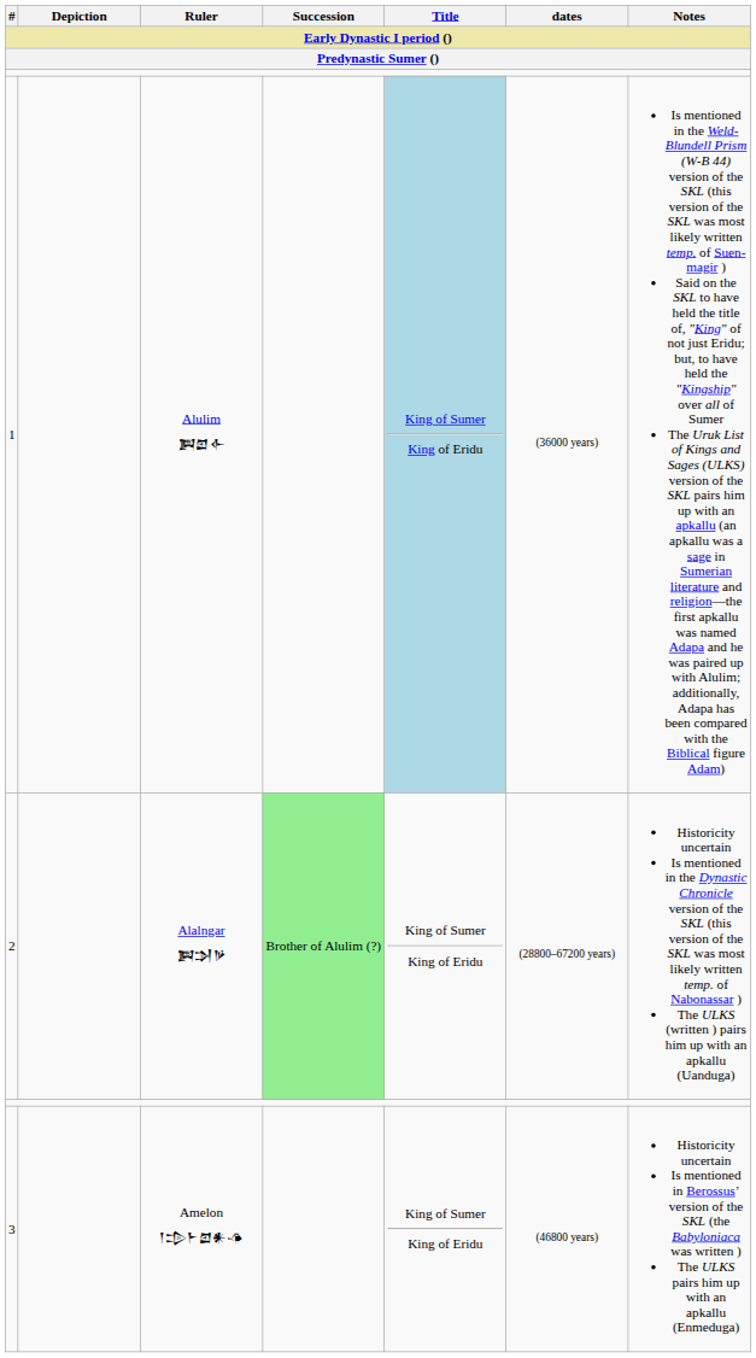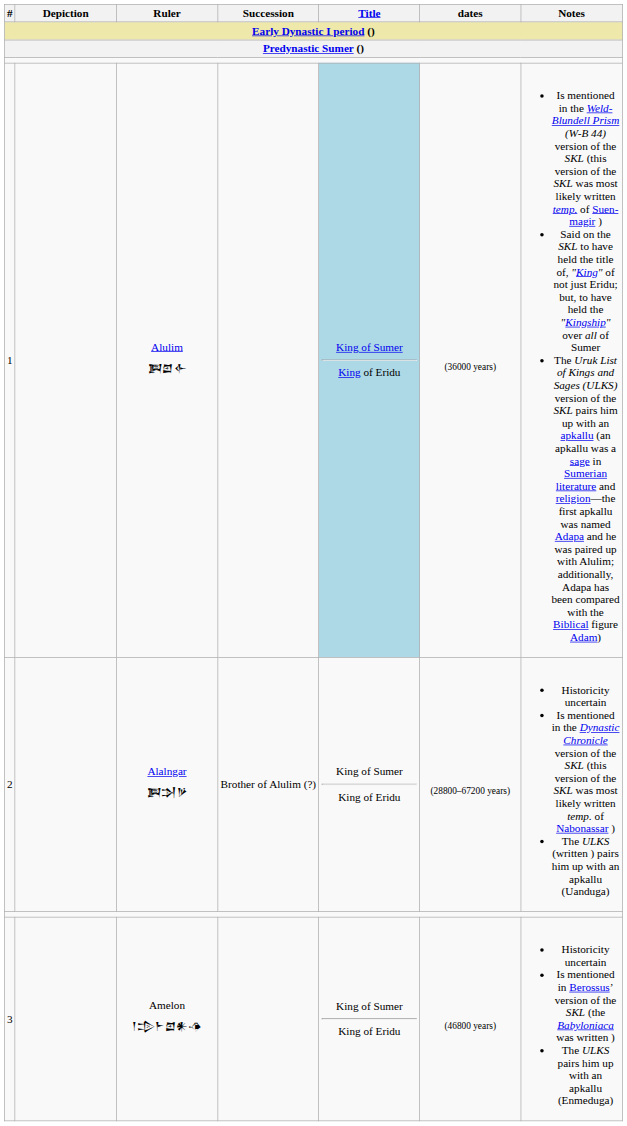 <table class="wikitable"border="1"style="width:100%;text-align:center">
 <tr>
 <th width="1%">#</th>
 <th width="16.5%">Depiction</th>
 <th width="16.5%">Ruler</th>
 <th width="16.5%">Succession</th>
 <th width="16.5%"><a href='#'>Title</a></th>
 <th width="16.5%"> dates</th>
 <th width="16.5%">Notes</th>
 </tr>
 <tr>
 <td colspan="7"align="center"style="background-color:palegoldenrod"><strong><a href='#'>Early Dynastic I period</a> ()</strong></td>
 </tr>
 <tr>
 <th colspan="7"><a href='#'>Predynastic Sumer</a> ()</th>
 </tr>
 <tr>
 <td colspan="7"align="left"></td>
 </tr>
 <tr>
 <td>1</td>
 <td></td>
 <td><a href='#'>Alulim</a><br>𒀉𒇻𒅆</td>
 <td></td>
 <td style="background: lightblue;"><a href='#'>King of Sumer</a><hr><a href='#'>King</a> of Eridu</td>
 <td><br><small>(36000 years)</small></td>
 <td><br><ul><li>Is mentioned in the <em><a href='#'>Weld-Blundell Prism</a> (W-B 44)</em> version of the <em>SKL</em> (this version of the <em>SKL</em> was most likely written <em><a href='#'>temp.</a></em> of <a href='#'>Suen-magir</a> )</li><li>Said on the <em>SKL</em> to have held the title of, <em>"<a href='#'>King</a>"</em> of not just Eridu; but, to have held the <em>"<a href='#'>Kingship</a>"</em> over <em>all</em> of Sumer</li><li>The <em>Uruk List of Kings and Sages (ULKS)</em> version of the <em>SKL</em> pairs him up with an <a href='#'>apkallu</a> (an apkallu was a <a href='#'>sage</a> in <a href='#'>Sumerian literature</a> and <a href='#'>religion</a>—the first apkallu was named <a href='#'>Adapa</a> and he was paired up with Alulim; additionally, Adapa has been compared with the <a href='#'>Biblical</a> figure <a href='#'>Adam</a>)</li></ul></td>
 </tr>
 <tr>
 <td>2</td>
 <td></td>
 <td><a href='#'>Alalngar</a><br>𒀉𒋭𒃻</td>
-<td style="background: lightgreen;">Brother of Alulim (?)</td>
+<td>Brother of Alulim (?)</td>
 <td>King of Sumer<hr>King of Eridu</td>
 <td><br><small>(28800–67200 years)</small></td>
 <td><br><ul><li>Historicity uncertain</li><li>Is mentioned in the <em><a href='#'>Dynastic Chronicle</a></em> version of the <em>SKL</em> (this version of the <em>SKL</em> was most likely written <em>temp.</em> of <a href='#'>Nabonassar</a> )</li><li>The <em>ULKS</em> (written ) pairs him up with an apkallu (Uanduga)</li></ul></td>
 </tr>
 <tr>
 <td colspan="7"align="left"></td>
 </tr>
 <tr>
 <td>3</td>
 <td></td>
 <td>Amelon<br>𒁹𒄠𒈨𒇻𒀭𒈾</td>
 <td></td>
 <td>King of Sumer<hr>King of Eridu</td>
 <td><br><small>(46800 years)</small></td>
 <td><br><ul><li>Historicity uncertain</li><li>Is mentioned in <a href='#'>Berossus</a>’ version of the <em>SKL</em> (the <em><a href='#'>Babyloniaca</a></em> was written )</li><li>The <em>ULKS</em> pairs him up with an apkallu (Enmeduga)</li></ul></td>
 </tr>
 </table>
